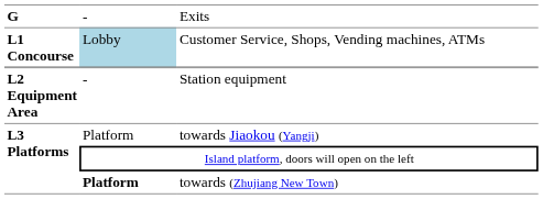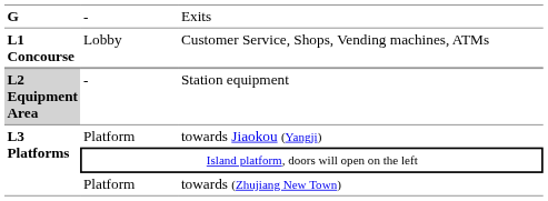 <table table border=0 cellspacing=0 cellpadding=3>
 <tr>
 <td style="border-top:solid 1px gray;" width=50 valign=top><strong>G</strong></td>
 <td style="border-top:solid 1px gray;" width=100 valign=top>-</td>
 <td style="border-top:solid 1px gray;" width=390 valign=top>Exits</td>
 </tr>
 <tr>
 <td style="border-bottom:solid 1px gray; border-top:solid 1px gray;" valign=top width=50><strong>L1<br>Concourse</strong></td>
-<td style="background: lightblue; border-bottom:solid 1px gray; border-top:solid 1px gray;" valign=top width=100>Lobby</td>
+<td style="border-bottom:solid 1px gray; border-top:solid 1px gray;" valign=top width=100>Lobby</td>
 <td style="border-bottom:solid 1px gray; border-top:solid 1px gray;" valign=top width=390>Customer Service, Shops, Vending machines, ATMs</td>
 </tr>
 <tr>
-<td style="border-bottom:solid 1px gray; border-top:solid 1px gray;" valign=top width=50><strong>L2<br>Equipment Area</strong></td>
+<td style="background: lightgrey; border-bottom:solid 1px gray; border-top:solid 1px gray;" valign=top width=50><strong>L2<br>Equipment Area</strong></td>
 <td style="border-bottom:solid 1px gray; border-top:solid 1px gray;" valign=top width=100>-</td>
 <td style="border-bottom:solid 1px gray; border-top:solid 1px gray;" valign=top width=390>Station equipment</td>
 </tr>
 <tr>
 <td style="border-bottom:solid 1px gray;" rowspan=4 valign=top><strong>L3<br>Platforms</strong></td>
 <td>Platform </td>
 <td>  towards <a href='#'>Jiaokou</a> <small>(<a href='#'>Yangji</a>)</small></td>
 </tr>
 <tr>
 <td style="border-right:solid 2px black;border-left:solid 2px black;border-top:solid 2px black;border-bottom:solid 2px black;text-align:center;" colspan=2><small><a href='#'>Island platform</a>, doors will open on the left</small></td>
 </tr>
 <tr>
-<td style="border-bottom:solid 1px gray;"><strong>Platform </strong></td>
+<td style="border-bottom:solid 1px gray;">Platform </td>
 <td style="border-bottom:solid 1px gray;"> towards  <small>(<a href='#'>Zhujiang New Town</a>)</small> </td>
 </tr>
 </table>
